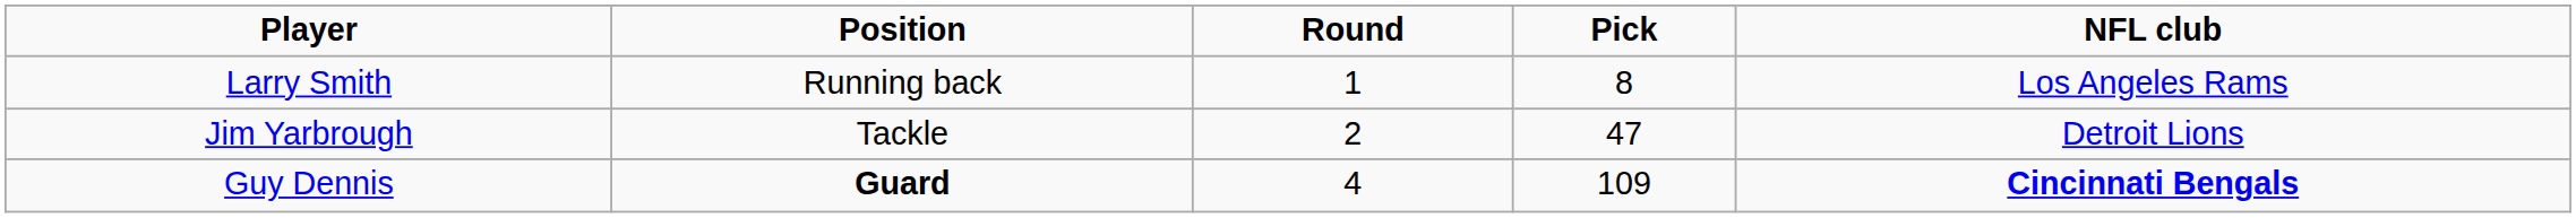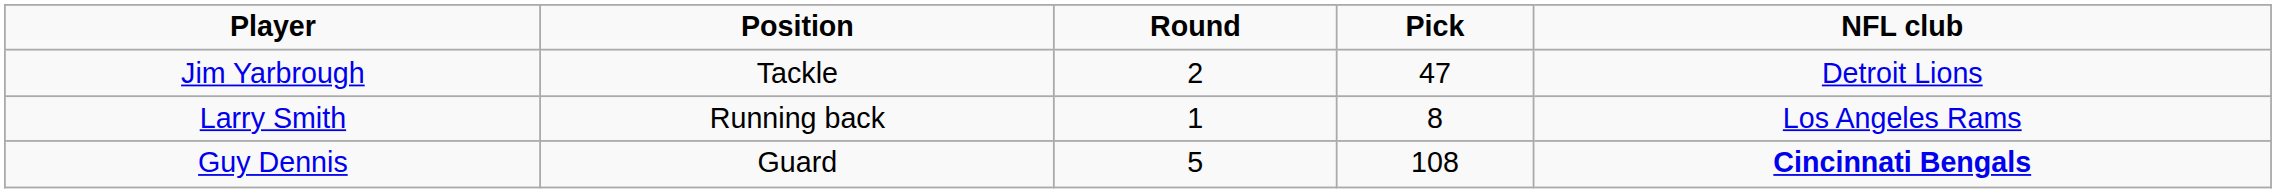 <table class="wikitable" width="80%">
 <tr align="center">
 <td><strong>Player</strong></td>
 <td><strong>Position</strong></td>
 <td><strong>Round</strong></td>
 <td><strong>Pick</strong></td>
 <td><strong>NFL club</strong></td>
 </tr>
 <tr align="center" bgcolor="">
+<td><a href='#'>Jim Yarbrough</a></td>
+<td>Tackle</td>
+<td>2</td>
+<td>47</td>
+<td><a href='#'>Detroit Lions</a></td>
+</tr>
+<tr align="center" bgcolor="">
 <td><a href='#'>Larry Smith</a></td>
 <td>Running back</td>
 <td>1</td>
 <td>8</td>
 <td><a href='#'>Los Angeles Rams</a></td>
 </tr>
 <tr align="center" bgcolor="">
-<td><a href='#'>Jim Yarbrough</a></td>
-<td>Tackle</td>
-<td>2</td>
-<td>47</td>
-<td><a href='#'>Detroit Lions</a></td>
-</tr>
-<tr align="center" bgcolor="">
 <td><a href='#'>Guy Dennis</a></td>
-<td><strong>Guard</strong></td>
-<td>4</td>
-<td>109</td>
+<td>Guard</td>
+<td>5</td>
+<td>108</td>
 <td><strong><a href='#'>Cincinnati Bengals</a></strong></td>
 </tr>
 </table>
